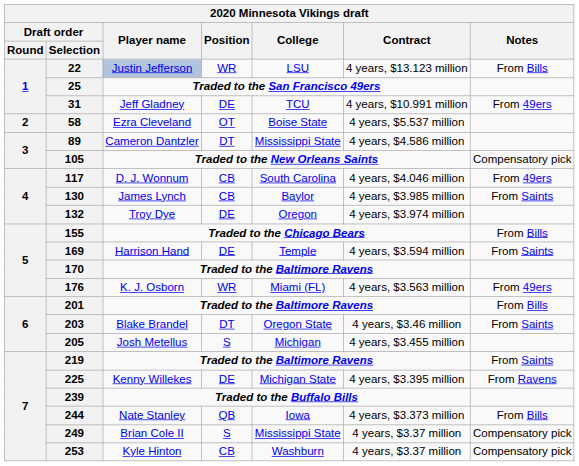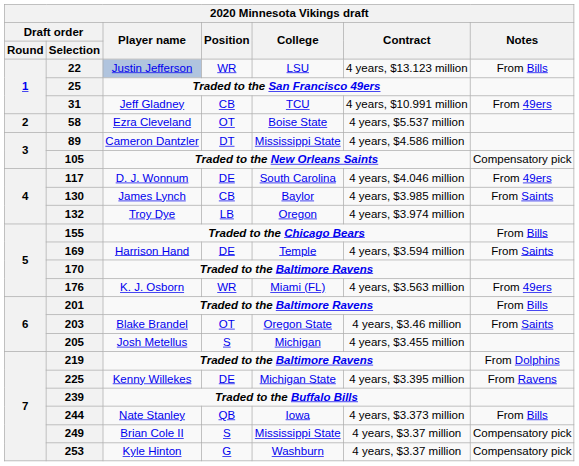 <table class="wikitable" style="text-align:center">
 <tr>
 <th colspan="7">2020 Minnesota Vikings draft</th>
 </tr>
 <tr>
 <th colspan="2">Draft order</th>
 <th rowspan="2">Player name</th>
 <th rowspan="2">Position</th>
 <th rowspan="2">College</th>
 <th rowspan="2">Contract</th>
 <th rowspan="2">Notes</th>
 </tr>
 <tr>
 <th>Round</th>
 <th>Selection</th>
 </tr>
 <tr>
 <th rowspan="3"><a href='#'>1</a></th>
 <th>22</th>
 <td style="background:lightsteelblue"><a href='#'>Justin Jefferson</a></td>
 <td><a href='#'>WR</a></td>
 <td><a href='#'>LSU</a></td>
 <td>4 years, $13.123 million</td>
 <td>From <a href='#'>Bills</a></td>
 </tr>
 <tr>
 <th>25</th>
 <td colspan="4"><strong><em>Traded to the <a href='#'>San Francisco 49ers</a></em></strong></td>
 <td></td>
 </tr>
 <tr>
 <th>31</th>
 <td><a href='#'>Jeff Gladney</a></td>
-<td><a href='#'>DE</a></td>
+<td><a href='#'>CB</a></td>
 <td><a href='#'>TCU</a></td>
 <td>4 years, $10.991 million</td>
 <td>From <a href='#'>49ers</a></td>
 </tr>
 <tr>
 <th>2</th>
 <th>58</th>
 <td><a href='#'>Ezra Cleveland</a></td>
 <td><a href='#'>OT</a></td>
 <td><a href='#'>Boise State</a></td>
 <td>4 years, $5.537 million</td>
 <td></td>
 </tr>
 <tr>
 <th rowspan="2">3</th>
 <th>89</th>
 <td><a href='#'>Cameron Dantzler</a></td>
 <td><a href='#'>DT</a></td>
 <td><a href='#'>Mississippi State</a></td>
 <td>4 years, $4.586 million</td>
 <td></td>
 </tr>
 <tr>
 <th>105</th>
 <td colspan="4"><strong><em>Traded to the <a href='#'>New Orleans Saints</a></em></strong></td>
 <td>Compensatory pick</td>
 </tr>
 <tr>
 <th rowspan="3">4</th>
 <th>117</th>
 <td><a href='#'>D. J. Wonnum</a></td>
-<td><a href='#'>CB</a></td>
+<td><a href='#'>DE</a></td>
 <td><a href='#'>South Carolina</a></td>
 <td>4 years, $4.046 million</td>
 <td>From <a href='#'>49ers</a></td>
 </tr>
 <tr>
 <th>130</th>
 <td><a href='#'>James Lynch</a></td>
 <td><a href='#'>CB</a></td>
 <td><a href='#'>Baylor</a></td>
 <td>4 years, $3.985 million</td>
 <td>From <a href='#'>Saints</a></td>
 </tr>
 <tr>
 <th>132</th>
 <td><a href='#'>Troy Dye</a></td>
-<td><a href='#'>DE</a></td>
+<td><a href='#'>LB</a></td>
 <td><a href='#'>Oregon</a></td>
 <td>4 years, $3.974 million</td>
 <td></td>
 </tr>
 <tr>
 <th rowspan="4">5</th>
 <th>155</th>
 <td colspan="4"><strong><em>Traded to the <a href='#'>Chicago Bears</a></em></strong></td>
 <td>From <a href='#'>Bills</a></td>
 </tr>
 <tr>
 <th>169</th>
 <td><a href='#'>Harrison Hand</a></td>
 <td><a href='#'>DE</a></td>
 <td><a href='#'>Temple</a></td>
 <td>4 years, $3.594 million</td>
 <td>From <a href='#'>Saints</a></td>
 </tr>
 <tr>
 <th>170</th>
 <td colspan="4"><strong><em>Traded to the <a href='#'>Baltimore Ravens</a></em></strong></td>
 <td></td>
 </tr>
 <tr>
 <th>176</th>
 <td><a href='#'>K. J. Osborn</a></td>
 <td><a href='#'>WR</a></td>
 <td><a href='#'>Miami (FL)</a></td>
 <td>4 years, $3.563 million</td>
 <td>From <a href='#'>49ers</a></td>
 </tr>
 <tr>
 <th rowspan="3">6</th>
 <th>201</th>
 <td colspan="4"><strong><em>Traded to the <a href='#'>Baltimore Ravens</a></em></strong></td>
 <td>From <a href='#'>Bills</a></td>
 </tr>
 <tr>
 <th>203</th>
 <td><a href='#'>Blake Brandel</a></td>
-<td><a href='#'>DT</a></td>
+<td><a href='#'>OT</a></td>
 <td><a href='#'>Oregon State</a></td>
 <td>4 years, $3.46 million</td>
 <td>From <a href='#'>Saints</a></td>
 </tr>
 <tr>
 <th>205</th>
 <td><a href='#'>Josh Metellus</a></td>
 <td><a href='#'>S</a></td>
 <td><a href='#'>Michigan</a></td>
 <td>4 years, $3.455 million</td>
 <td></td>
 </tr>
 <tr>
 <th rowspan="6">7</th>
 <th>219</th>
 <td colspan="4"><strong><em>Traded to the <a href='#'>Baltimore Ravens</a></em></strong></td>
-<td>From <a href='#'>Saints</a></td>
+<td>From <a href='#'>Dolphins</a></td>
 </tr>
 <tr>
 <th>225</th>
 <td><a href='#'>Kenny Willekes</a></td>
 <td><a href='#'>DE</a></td>
 <td><a href='#'>Michigan State</a></td>
 <td>4 years, $3.395 million</td>
 <td>From <a href='#'>Ravens</a></td>
 </tr>
 <tr>
 <th>239</th>
 <td colspan="4"><strong><em>Traded to the <a href='#'>Buffalo Bills</a></em></strong></td>
 <td></td>
 </tr>
 <tr>
 <th>244</th>
 <td><a href='#'>Nate Stanley</a></td>
 <td><a href='#'>QB</a></td>
 <td><a href='#'>Iowa</a></td>
 <td>4 years, $3.373 million</td>
 <td>From <a href='#'>Bills</a></td>
 </tr>
 <tr>
 <th>249</th>
 <td><a href='#'>Brian Cole II</a></td>
 <td><a href='#'>S</a></td>
 <td><a href='#'>Mississippi State</a></td>
 <td>4 years, $3.37 million</td>
 <td>Compensatory pick</td>
 </tr>
 <tr>
 <th>253</th>
 <td><a href='#'>Kyle Hinton</a></td>
-<td><a href='#'>CB</a></td>
+<td><a href='#'>G</a></td>
 <td><a href='#'>Washburn</a></td>
 <td>4 years, $3.37 million</td>
 <td>Compensatory pick</td>
 </tr>
 </table>
